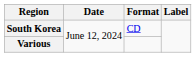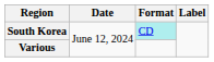 <table class="wikitable plainrowheaders">
 <tr>
 <th scope="col">Region</th>
 <th scope="col">Date</th>
 <th scope="col">Format</th>
 <th scope="col">Label</th>
 </tr>
 <tr>
 <th scope="row">South Korea</th>
 <td rowspan="2">June 12, 2024</td>
-<td><a href='#'>CD</a></td>
+<td style="background: paleturquoise;"><a href='#'>CD</a></td>
 <td rowspan="2"></td>
 </tr>
 <tr>
 <th scope="row">Various </th>
 <td></td>
 </tr>
 </table>
